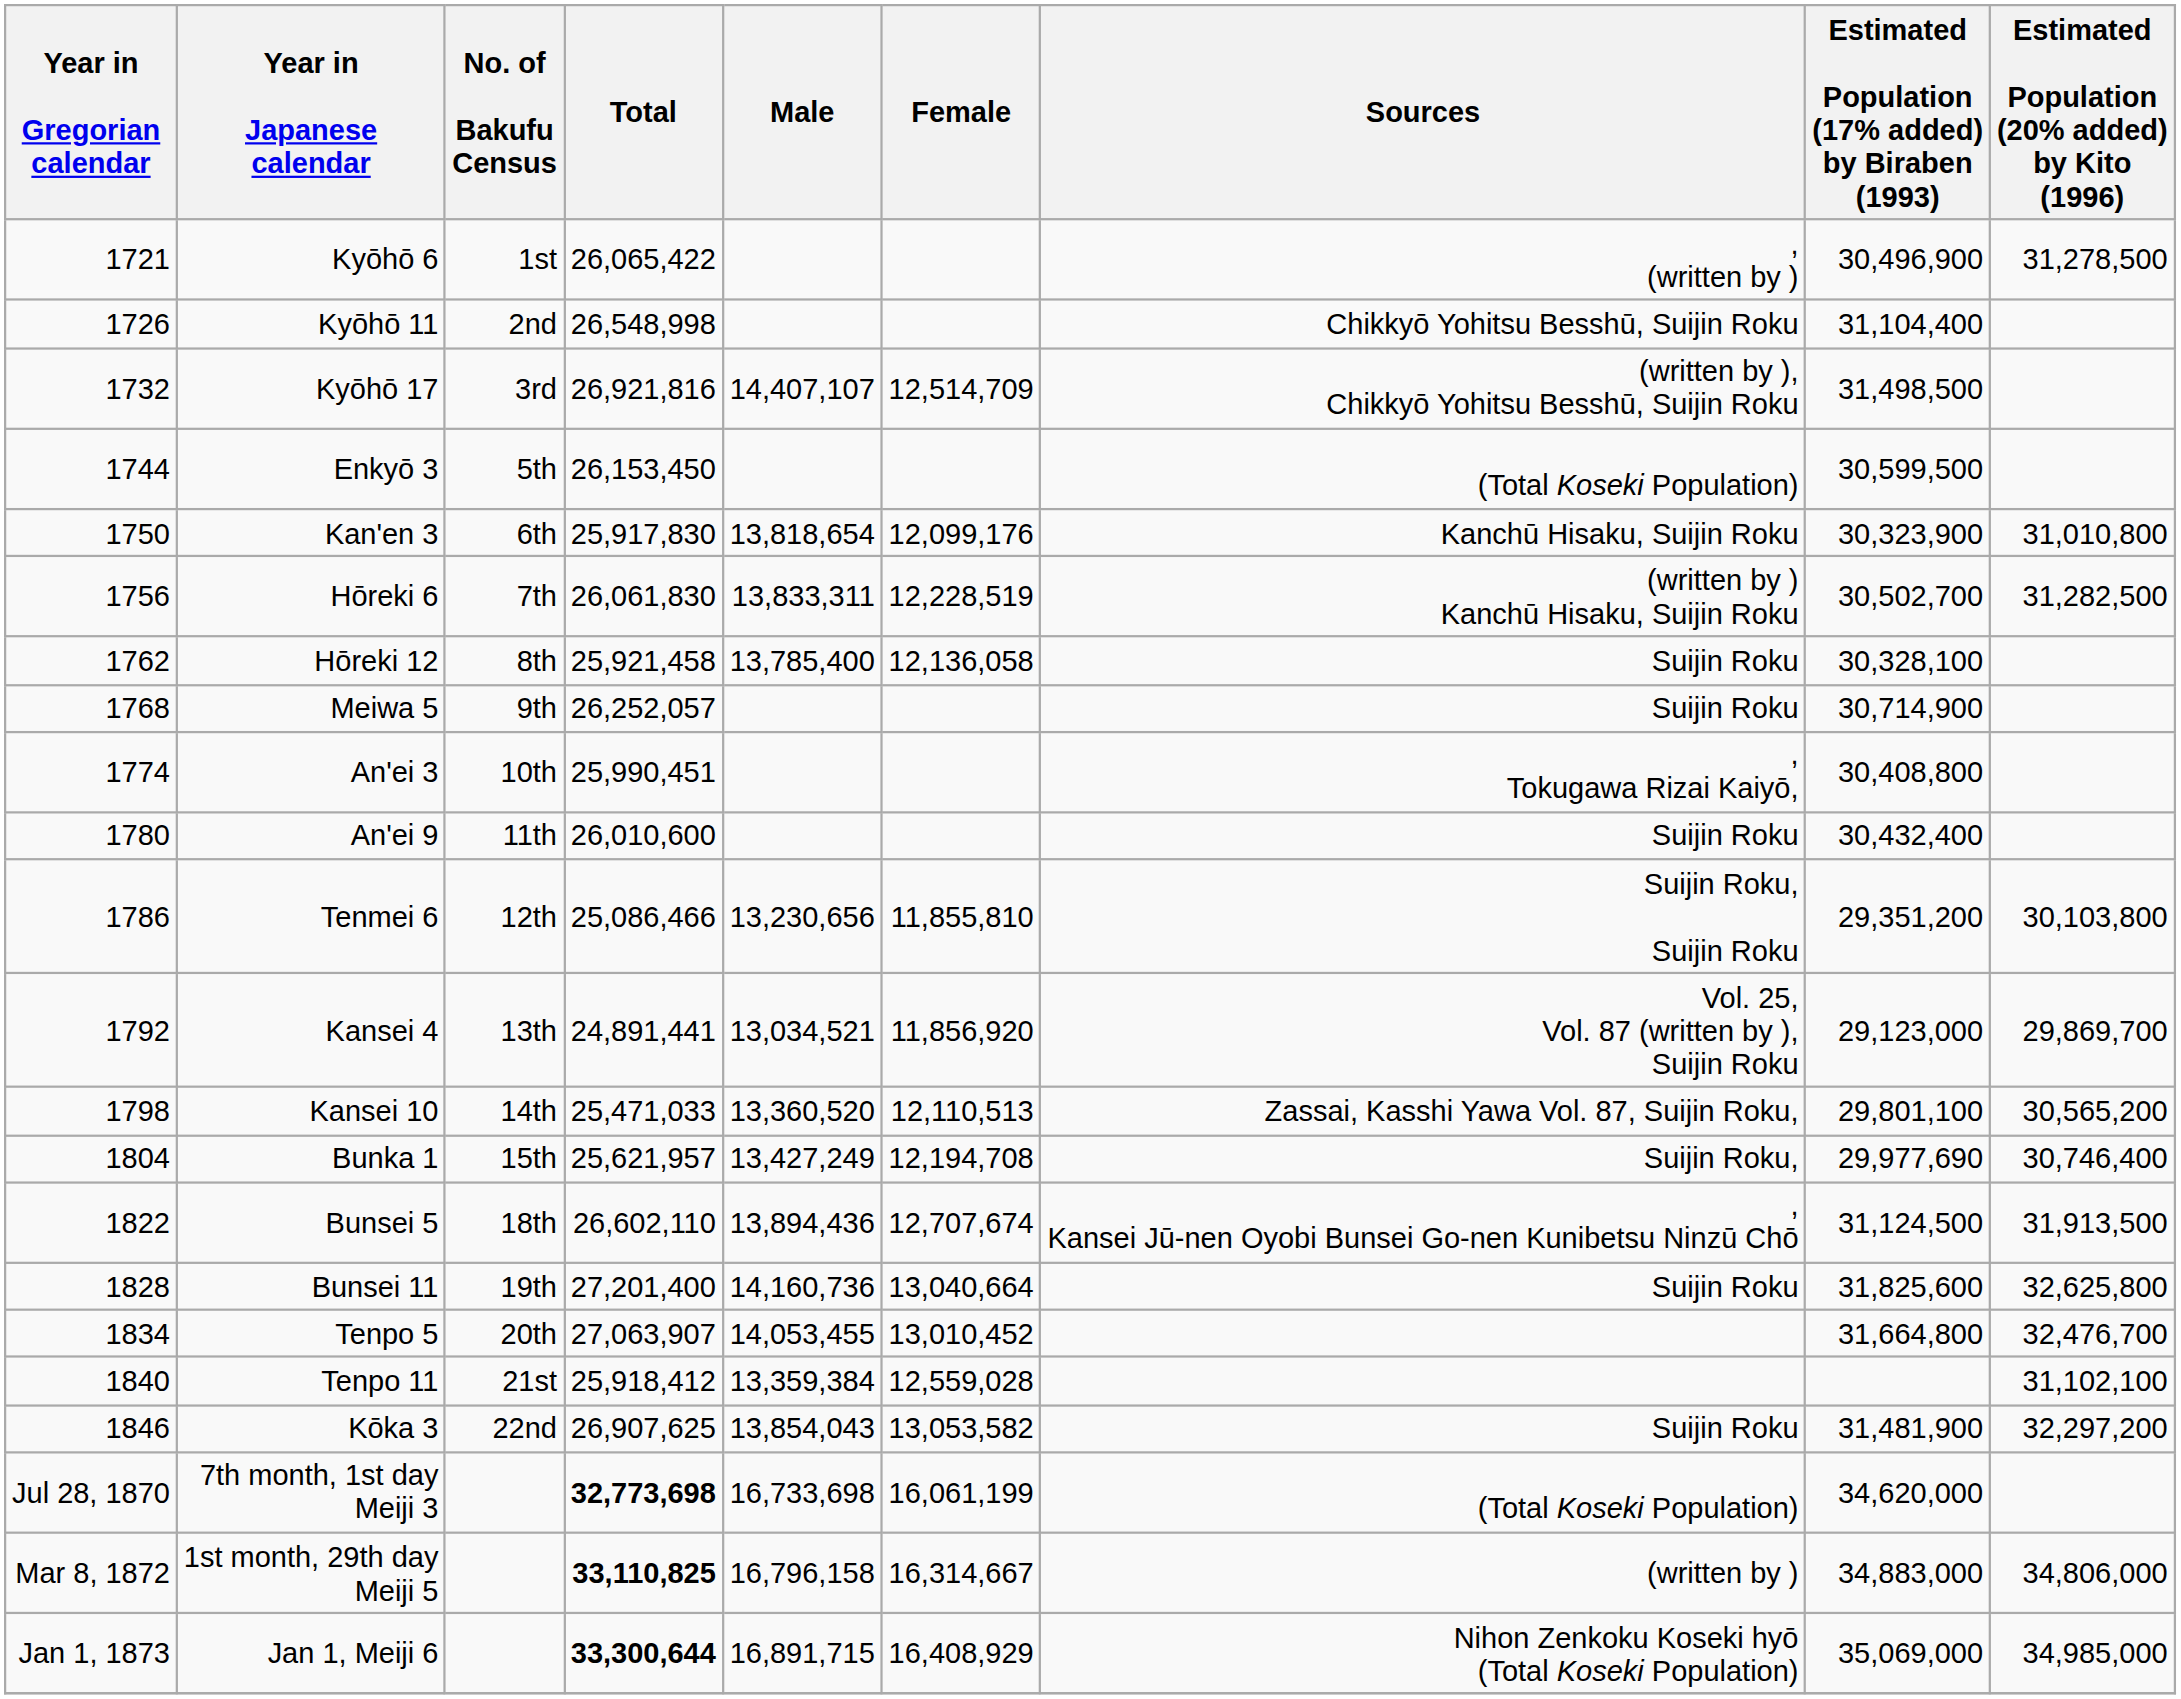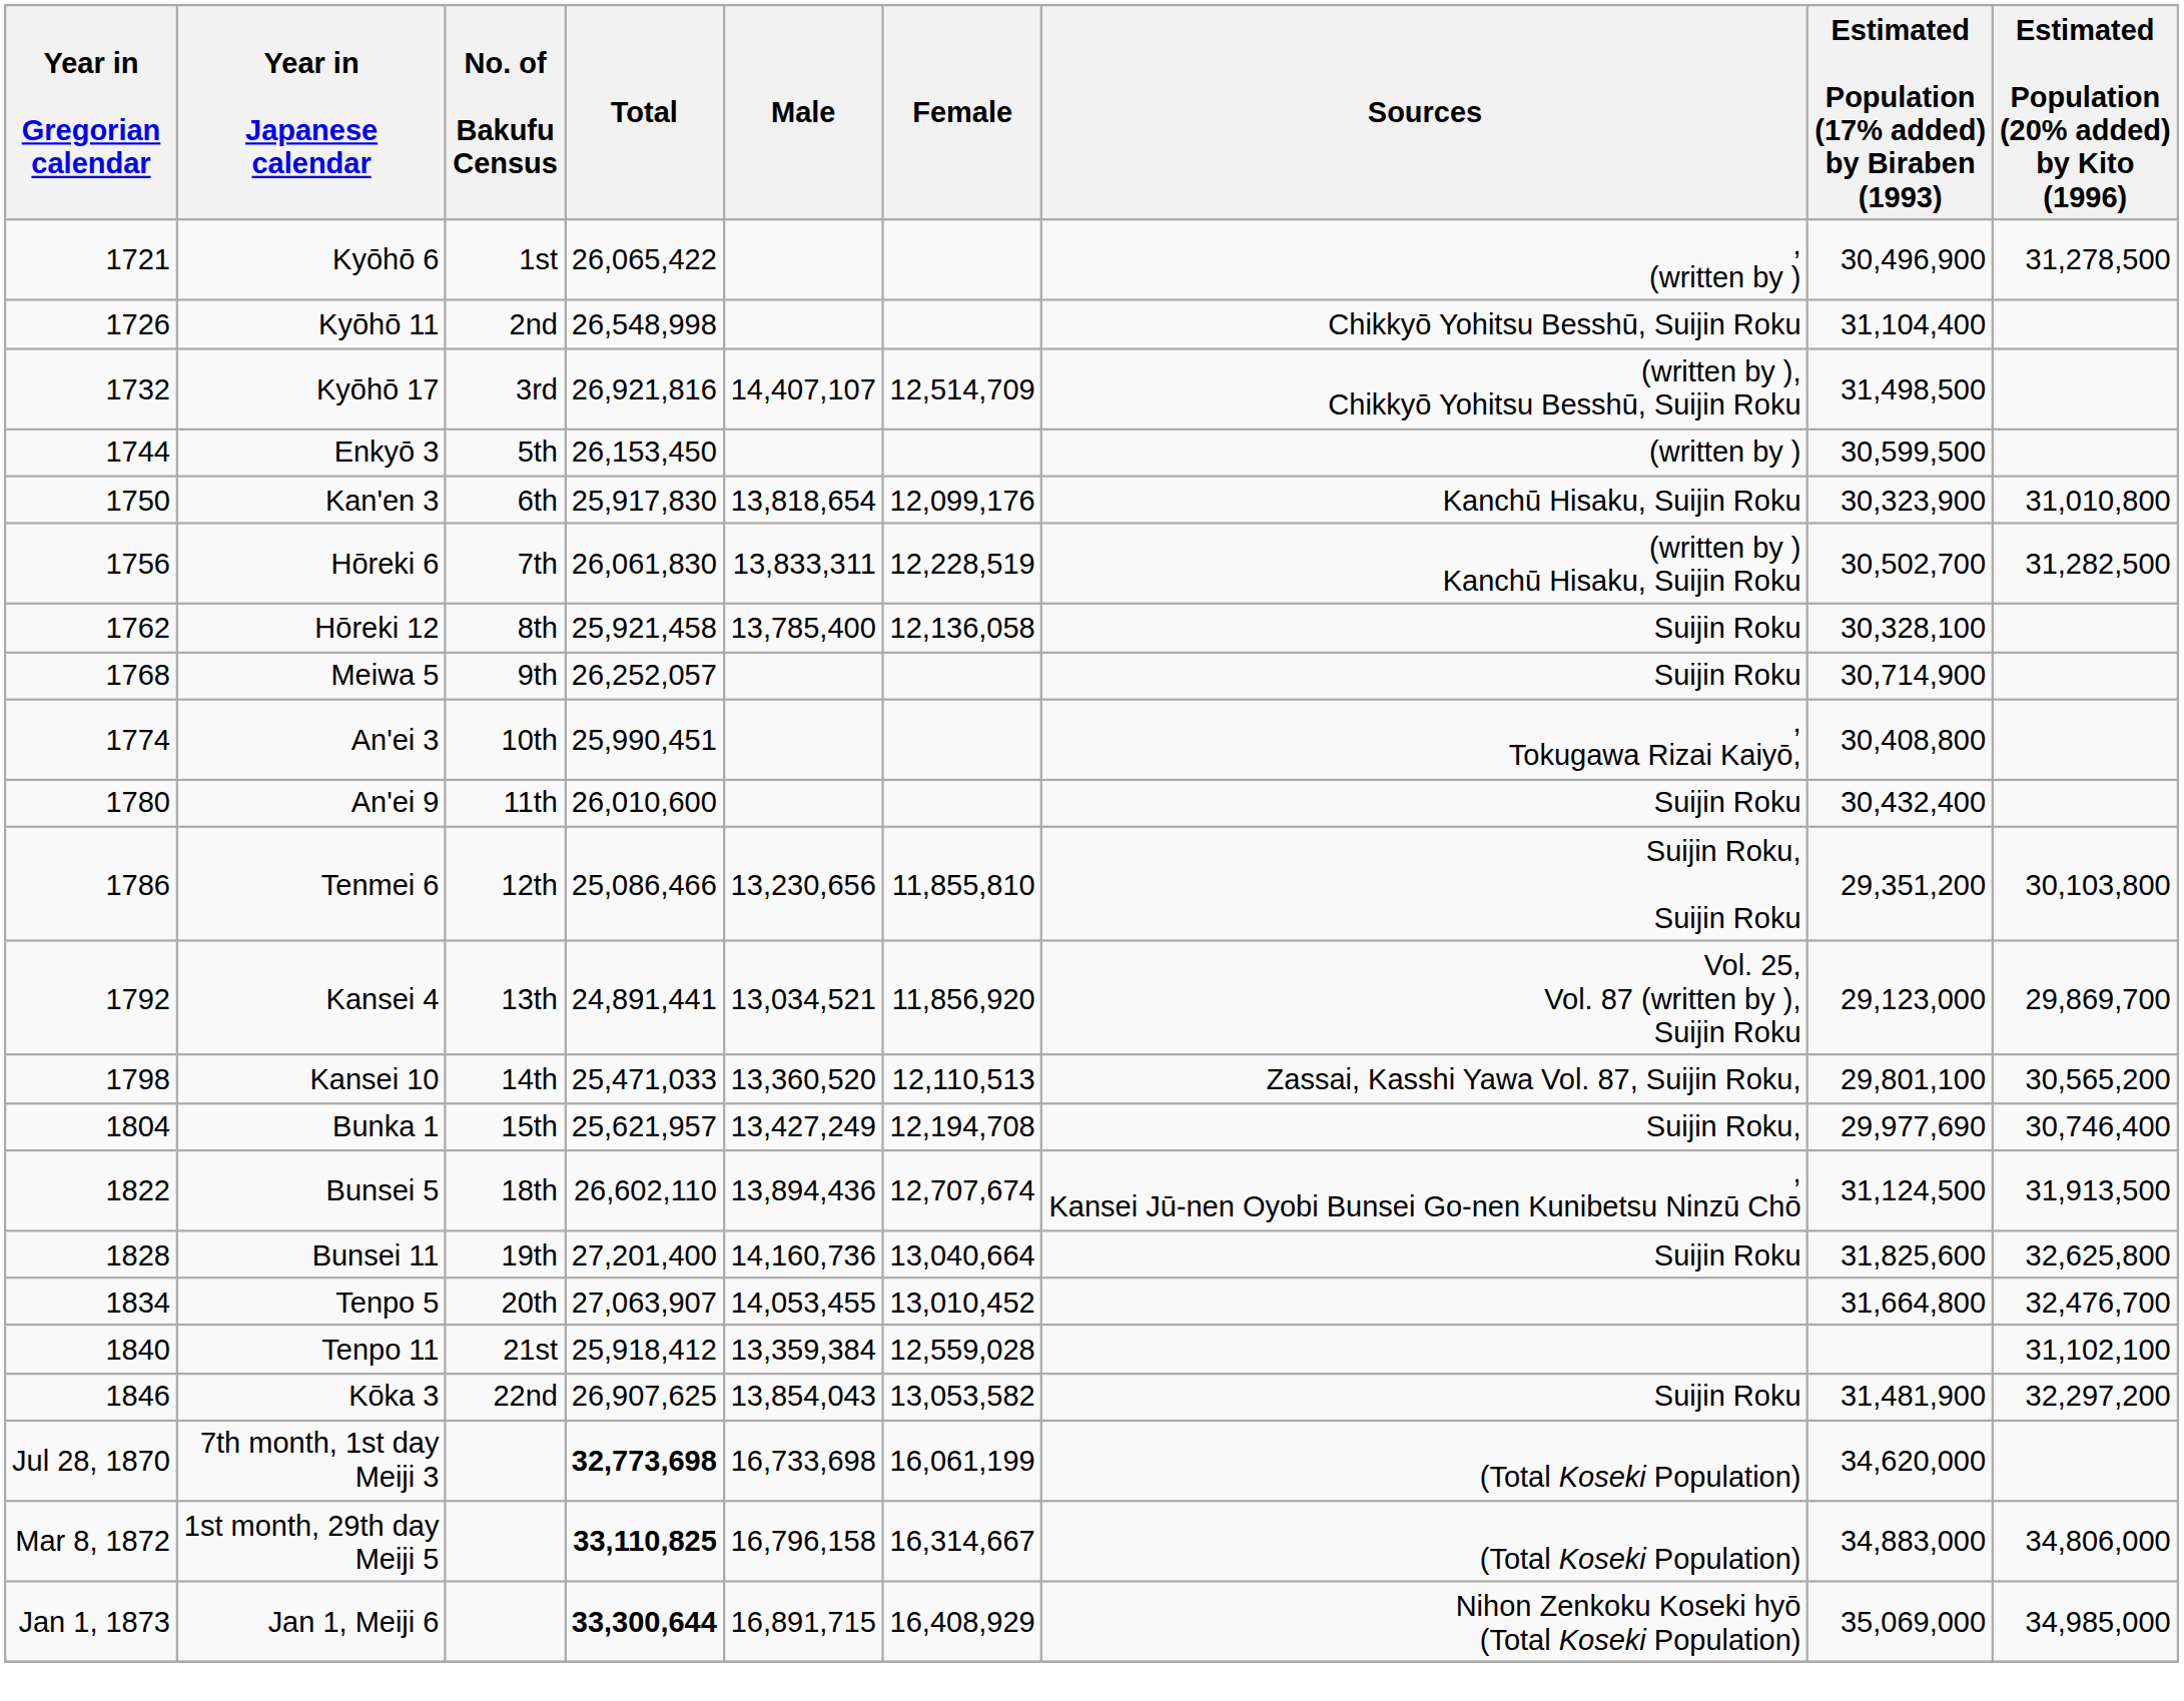 <table class="wikitable" style="text-align:right;font-size:small">
 <tr>
 <th>Year in<br><br><a href='#'>Gregorian<br>calendar</a></th>
 <th>Year in<br><br><a href='#'>Japanese<br>calendar</a></th>
 <th>No. of<br><br>Bakufu<br> Census</th>
 <th>Total</th>
 <th>Male</th>
 <th>Female</th>
 <th>Sources</th>
 <th>Estimated<br><br>Population<br> (17% added)<br> by Biraben<br> (1993)</th>
 <th>Estimated<br><br>Population<br> (20% added)<br> by Kito<br> (1996)</th>
 </tr>
 <tr>
 <td>1721</td>
 <td>Kyōhō 6</td>
 <td>1st</td>
 <td>26,065,422</td>
 <td></td>
 <td></td>
 <td>,<br> (written by )</td>
 <td>30,496,900</td>
 <td>31,278,500</td>
 </tr>
 <tr>
 <td>1726</td>
 <td>Kyōhō 11</td>
 <td>2nd</td>
 <td>26,548,998</td>
 <td></td>
 <td></td>
 <td>Chikkyō Yohitsu Besshū, Suijin Roku</td>
 <td>31,104,400</td>
 <td></td>
 </tr>
 <tr>
 <td>1732</td>
 <td>Kyōhō 17</td>
 <td>3rd</td>
 <td>26,921,816</td>
 <td>14,407,107</td>
 <td>12,514,709</td>
 <td> (written by ),<br>Chikkyō Yohitsu Besshū, Suijin Roku</td>
 <td>31,498,500</td>
 <td></td>
 </tr>
 <tr>
 <td>1744</td>
 <td>Enkyō 3</td>
 <td>5th</td>
 <td>26,153,450</td>
 <td></td>
 <td></td>
-<td><br>(Total <em>Koseki</em> Population)</td>
+<td> (written by )</td>
 <td>30,599,500</td>
 <td></td>
 </tr>
 <tr>
 <td>1750</td>
 <td>Kan'en 3</td>
 <td>6th</td>
 <td>25,917,830</td>
 <td>13,818,654</td>
 <td>12,099,176</td>
 <td>Kanchū Hisaku, Suijin Roku</td>
 <td>30,323,900</td>
 <td>31,010,800</td>
 </tr>
 <tr>
 <td>1756</td>
 <td>Hōreki 6</td>
 <td>7th</td>
 <td>26,061,830</td>
 <td>13,833,311</td>
 <td>12,228,519</td>
 <td> (written by )<br>Kanchū Hisaku, Suijin Roku</td>
 <td>30,502,700</td>
 <td>31,282,500</td>
 </tr>
 <tr>
 <td>1762</td>
 <td>Hōreki 12</td>
 <td>8th</td>
 <td>25,921,458</td>
 <td>13,785,400</td>
 <td>12,136,058</td>
 <td>Suijin Roku</td>
 <td>30,328,100</td>
 <td></td>
 </tr>
 <tr>
 <td>1768</td>
 <td>Meiwa 5</td>
 <td>9th</td>
 <td>26,252,057</td>
 <td></td>
 <td></td>
 <td>Suijin Roku</td>
 <td>30,714,900</td>
 <td></td>
 </tr>
 <tr>
 <td>1774</td>
 <td>An'ei 3</td>
 <td>10th</td>
 <td>25,990,451</td>
 <td></td>
 <td></td>
 <td>,<br>Tokugawa Rizai Kaiyō, </td>
 <td>30,408,800</td>
 <td></td>
 </tr>
 <tr>
 <td>1780</td>
 <td>An'ei 9</td>
 <td>11th</td>
 <td>26,010,600</td>
 <td></td>
 <td></td>
 <td>Suijin Roku</td>
 <td>30,432,400</td>
 <td></td>
 </tr>
 <tr>
 <td>1786</td>
 <td>Tenmei 6</td>
 <td>12th</td>
 <td>25,086,466</td>
 <td>13,230,656</td>
 <td>11,855,810</td>
 <td>Suijin Roku,<br><br>Suijin Roku</td>
 <td>29,351,200</td>
 <td>30,103,800</td>
 </tr>
 <tr>
 <td>1792</td>
 <td>Kansei 4</td>
 <td>13th</td>
 <td>24,891,441</td>
 <td>13,034,521</td>
 <td>11,856,920</td>
 <td> Vol. 25,<br> Vol. 87 (written by ),<br>Suijin Roku</td>
 <td>29,123,000</td>
 <td>29,869,700</td>
 </tr>
 <tr>
 <td>1798</td>
 <td>Kansei 10</td>
 <td>14th</td>
 <td>25,471,033</td>
 <td>13,360,520</td>
 <td>12,110,513</td>
 <td>Zassai, Kasshi Yawa Vol. 87, Suijin Roku,<br></td>
 <td>29,801,100</td>
 <td>30,565,200</td>
 </tr>
 <tr>
 <td>1804</td>
 <td>Bunka 1</td>
 <td>15th</td>
 <td>25,621,957</td>
 <td>13,427,249</td>
 <td>12,194,708</td>
 <td>Suijin Roku,<br></td>
 <td>29,977,690</td>
 <td>30,746,400</td>
 </tr>
 <tr>
 <td>1822</td>
 <td>Bunsei 5</td>
 <td>18th</td>
 <td>26,602,110</td>
 <td>13,894,436</td>
 <td>12,707,674</td>
 <td>,<br>Kansei Jū-nen Oyobi Bunsei Go-nen Kunibetsu Ninzū Chō</td>
 <td>31,124,500</td>
 <td>31,913,500</td>
 </tr>
 <tr>
 <td>1828</td>
 <td>Bunsei 11</td>
 <td>19th</td>
 <td>27,201,400</td>
 <td>14,160,736</td>
 <td>13,040,664</td>
 <td>Suijin Roku</td>
 <td>31,825,600</td>
 <td>32,625,800</td>
 </tr>
 <tr>
 <td>1834</td>
 <td>Tenpo 5</td>
 <td>20th</td>
 <td>27,063,907</td>
 <td>14,053,455</td>
 <td>13,010,452</td>
 <td></td>
 <td>31,664,800</td>
 <td>32,476,700</td>
 </tr>
 <tr>
 <td>1840</td>
 <td>Tenpo 11</td>
 <td>21st</td>
 <td>25,918,412</td>
 <td>13,359,384</td>
 <td>12,559,028</td>
 <td></td>
 <td></td>
 <td>31,102,100</td>
 </tr>
 <tr>
 <td>1846</td>
 <td>Kōka 3</td>
 <td>22nd</td>
 <td>26,907,625</td>
 <td>13,854,043</td>
 <td>13,053,582</td>
 <td>Suijin Roku</td>
 <td>31,481,900</td>
 <td>32,297,200</td>
 </tr>
 <tr>
 <td>Jul 28, 1870</td>
 <td>7th month, 1st day<br>Meiji 3</td>
 <td></td>
 <td><strong>32,773,698</strong></td>
 <td>16,733,698</td>
 <td>16,061,199</td>
 <td><br>(Total <em>Koseki</em> Population)</td>
 <td>34,620,000</td>
 <td></td>
 </tr>
 <tr>
 <td>Mar 8, 1872</td>
 <td>1st month, 29th day<br>Meiji 5</td>
 <td></td>
 <td><strong>33,110,825</strong></td>
 <td>16,796,158</td>
 <td>16,314,667</td>
-<td> (written by )</td>
+<td><br>(Total <em>Koseki</em> Population)</td>
 <td>34,883,000</td>
 <td>34,806,000</td>
 </tr>
 <tr>
 <td>Jan 1, 1873</td>
 <td>Jan 1, Meiji 6</td>
 <td></td>
 <td><strong>33,300,644</strong></td>
 <td>16,891,715</td>
 <td>16,408,929</td>
 <td>Nihon Zenkoku Koseki hyō<br>(Total <em>Koseki</em> Population)</td>
 <td>35,069,000</td>
 <td>34,985,000</td>
 </tr>
 <tr>
 </tr>
 </table>
